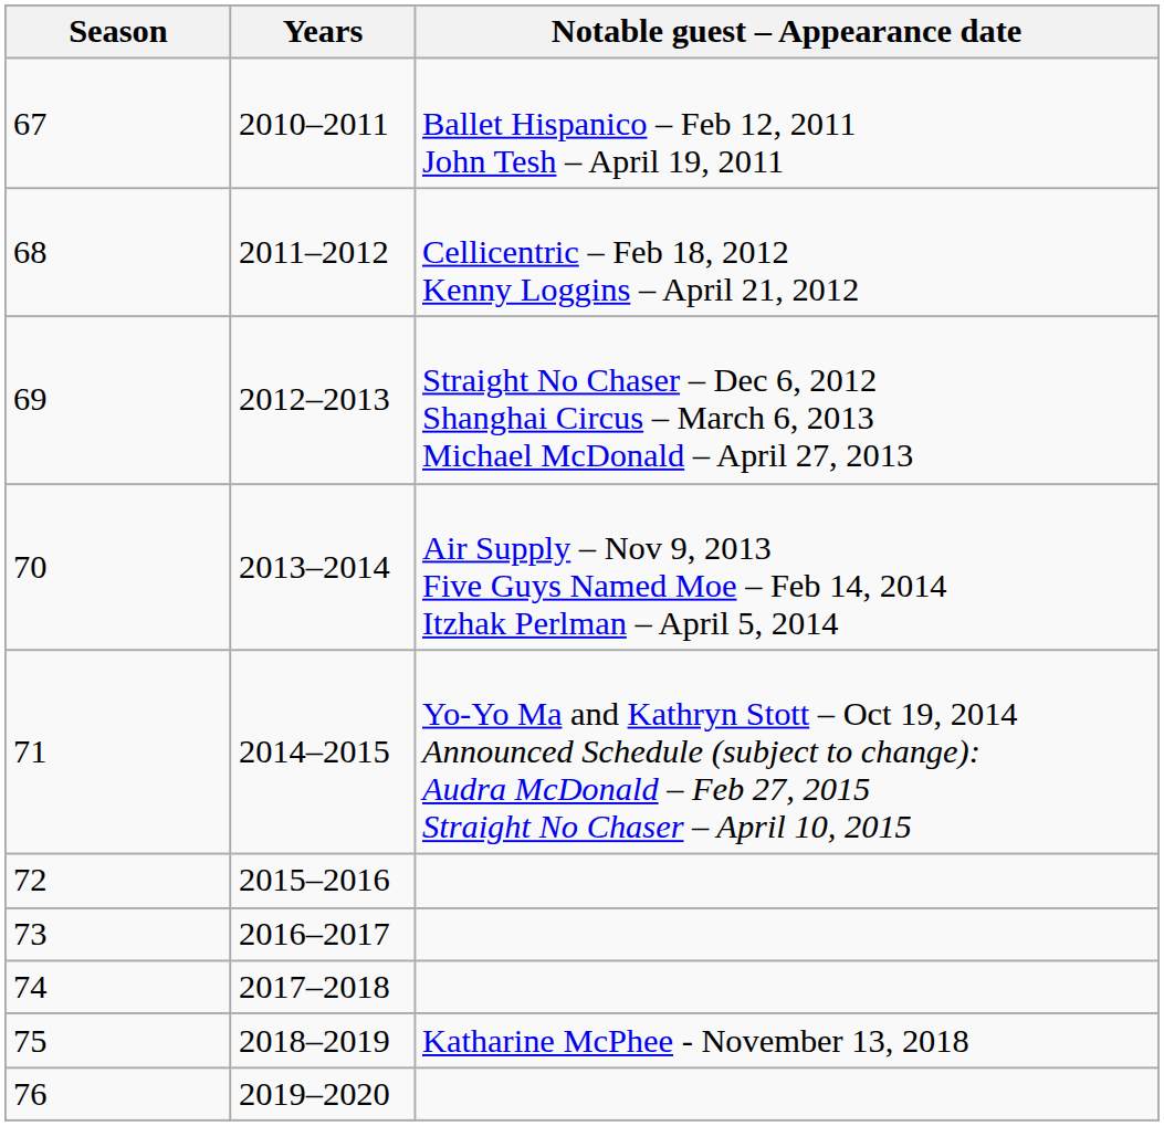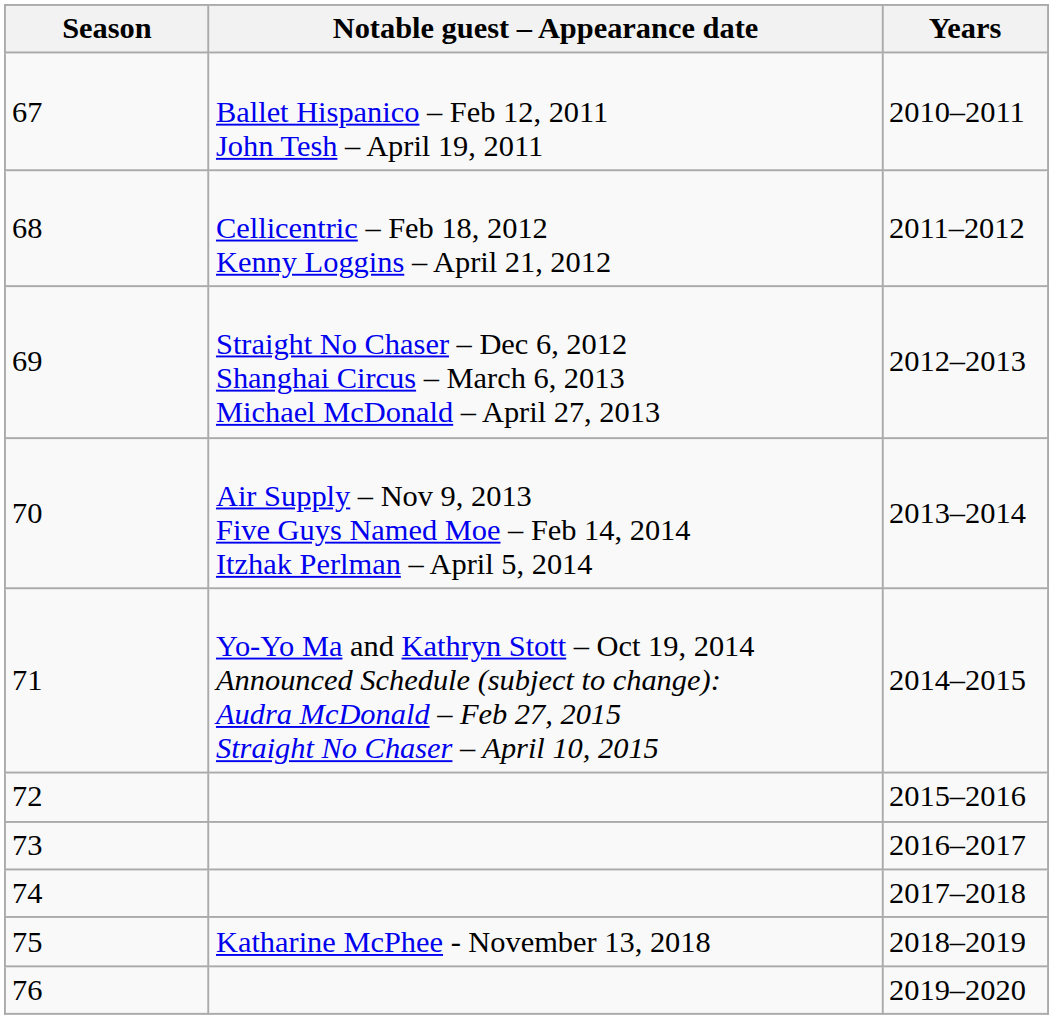 <table class="wikitable collapsible" width="550">
 <tr>
 <th scope="col" width="100px">Season</th>
+<th>Notable guest – Appearance date</th>
 <th scope="col" width="80px">Years</th>
-<th>Notable guest – Appearance date</th>
 </tr>
 <tr>
 <td>67</td>
+<td><br><a href='#'>Ballet Hispanico</a> – Feb 12, 2011<br> <a href='#'>John Tesh</a> – April 19, 2011</td>
 <td>2010–2011</td>
-<td><br><a href='#'>Ballet Hispanico</a> – Feb 12, 2011<br> <a href='#'>John Tesh</a> – April 19, 2011</td>
 </tr>
 <tr>
 <td>68</td>
+<td><br><a href='#'>Cellicentric</a> – Feb 18, 2012<br> <a href='#'>Kenny Loggins</a> – April 21, 2012</td>
 <td>2011–2012</td>
-<td><br><a href='#'>Cellicentric</a> – Feb 18, 2012<br> <a href='#'>Kenny Loggins</a> – April 21, 2012</td>
 </tr>
 <tr>
 <td>69</td>
+<td><br><a href='#'>Straight No Chaser</a> – Dec 6, 2012<br> <a href='#'>Shanghai Circus</a> – March 6, 2013<br> <a href='#'>Michael McDonald</a> – April 27, 2013</td>
 <td>2012–2013</td>
-<td><br><a href='#'>Straight No Chaser</a> – Dec 6, 2012<br> <a href='#'>Shanghai Circus</a> – March 6, 2013<br> <a href='#'>Michael McDonald</a> – April 27, 2013</td>
 </tr>
 <tr>
 <td>70</td>
+<td><br><a href='#'>Air Supply</a> – Nov 9, 2013<br> <a href='#'>Five Guys Named Moe</a> – Feb 14, 2014<br> <a href='#'>Itzhak Perlman</a> – April 5, 2014</td>
 <td>2013–2014</td>
-<td><br><a href='#'>Air Supply</a> – Nov 9, 2013<br> <a href='#'>Five Guys Named Moe</a> – Feb 14, 2014<br> <a href='#'>Itzhak Perlman</a> – April 5, 2014</td>
 </tr>
 <tr>
 <td>71</td>
+<td><br><a href='#'>Yo-Yo Ma</a> and <a href='#'>Kathryn Stott</a> – Oct 19, 2014<br> <em>Announced Schedule (subject to change):</em><br> <em><a href='#'>Audra McDonald</a> – Feb 27, 2015</em><br> <em><a href='#'>Straight No Chaser</a> – April 10, 2015</em></td>
 <td>2014–2015</td>
-<td><br><a href='#'>Yo-Yo Ma</a> and <a href='#'>Kathryn Stott</a> – Oct 19, 2014<br> <em>Announced Schedule (subject to change):</em><br> <em><a href='#'>Audra McDonald</a> – Feb 27, 2015</em><br> <em><a href='#'>Straight No Chaser</a> – April 10, 2015</em></td>
 </tr>
 <tr>
 <td>72</td>
+<td></td>
 <td>2015–2016</td>
-<td></td>
 </tr>
 <tr>
 <td>73</td>
+<td></td>
 <td>2016–2017</td>
-<td></td>
 </tr>
 <tr>
 <td>74</td>
+<td></td>
 <td>2017–2018</td>
-<td></td>
 </tr>
 <tr>
 <td>75</td>
+<td><a href='#'>Katharine McPhee</a> - November 13, 2018</td>
 <td>2018–2019</td>
-<td><a href='#'>Katharine McPhee</a> - November 13, 2018</td>
 </tr>
 <tr>
 <td>76</td>
+<td></td>
 <td>2019–2020</td>
-<td></td>
 </tr>
 </table>
